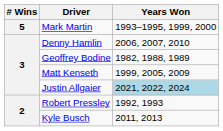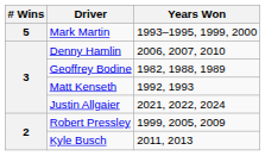 <table class="wikitable" style="font-size: 95%;">
 <tr>
 <th># Wins</th>
 <th>Driver</th>
 <th>Years Won</th>
 </tr>
 <tr>
 <th>5</th>
 <td><a href='#'>Mark Martin</a></td>
 <td>1993–1995, 1999, 2000</td>
 </tr>
 <tr>
 <th rowspan="4">3</th>
 <td><a href='#'>Denny Hamlin</a></td>
 <td>2006, 2007, 2010</td>
 </tr>
 <tr>
 <td><a href='#'>Geoffrey Bodine</a></td>
 <td>1982, 1988, 1989</td>
 </tr>
 <tr>
 <td><a href='#'>Matt Kenseth</a></td>
-<td>1999, 2005, 2009</td>
+<td>1992, 1993</td>
 </tr>
 <tr>
 <td><a href='#'>Justin Allgaier</a></td>
-<td style="background: lightblue;">2021, 2022, 2024</td>
+<td>2021, 2022, 2024</td>
 </tr>
 <tr>
 <th rowspan="2">2</th>
 <td><a href='#'>Robert Pressley</a></td>
-<td>1992, 1993</td>
+<td>1999, 2005, 2009</td>
 </tr>
 <tr>
 <td><a href='#'>Kyle Busch</a></td>
 <td>2011, 2013</td>
 </tr>
 </table>
